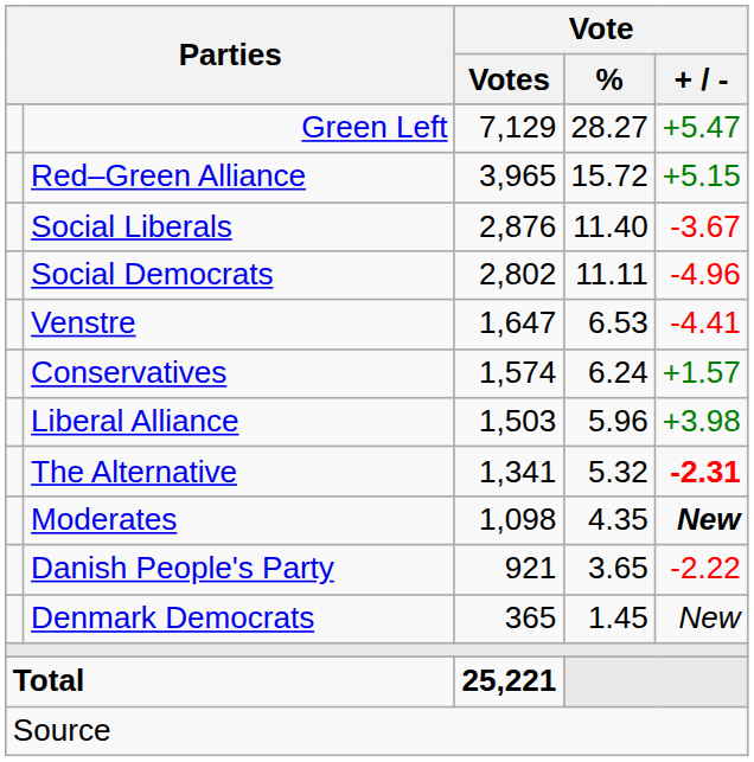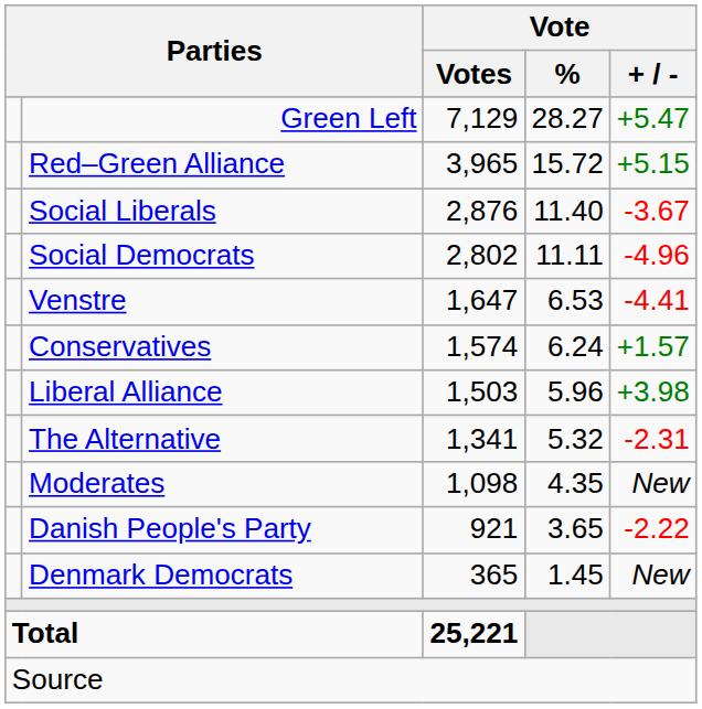 <table class="wikitable" style="text-align:right;">
 <tr>
 <th style="text-align:centre;" rowspan="2" colspan="2" width="225">Parties</th>
 <th colspan="3">Vote</th>
 </tr>
 <tr>
 <th width="15">Votes</th>
 <th width="15">%</th>
 <th width="15">+ / -</th>
 </tr>
 <tr>
 <td width=2 bgcolor=></td>
 <td><a href='#'>Green Left</a></td>
 <td>7,129</td>
 <td>28.27</td>
 <td style=color:green;>+5.47</td>
 </tr>
 <tr>
 <td width=2 bgcolor=></td>
 <td align=left><a href='#'>Red–Green Alliance</a></td>
 <td>3,965</td>
 <td>15.72</td>
 <td style=color:green;>+5.15</td>
 </tr>
 <tr>
 <td width=2 bgcolor=></td>
 <td align=left><a href='#'>Social Liberals</a></td>
 <td>2,876</td>
 <td>11.40</td>
 <td style=color:red;>-3.67</td>
 </tr>
 <tr>
 <td width=2 bgcolor=></td>
 <td align=left><a href='#'>Social Democrats</a></td>
 <td>2,802</td>
 <td>11.11</td>
 <td style=color:red;>-4.96</td>
 </tr>
 <tr>
 <td width=2 bgcolor=></td>
 <td align=left><a href='#'>Venstre</a></td>
 <td>1,647</td>
 <td>6.53</td>
 <td style=color:red;>-4.41</td>
 </tr>
 <tr>
 <td width=2 bgcolor=></td>
 <td align=left><a href='#'>Conservatives</a></td>
 <td>1,574</td>
 <td>6.24</td>
 <td style=color:green;>+1.57</td>
 </tr>
 <tr>
 <td width=2 bgcolor=></td>
 <td align=left><a href='#'>Liberal Alliance</a></td>
 <td>1,503</td>
 <td>5.96</td>
 <td style=color:green;>+3.98</td>
 </tr>
 <tr>
 <td width=2 bgcolor=></td>
 <td align=left><a href='#'>The Alternative</a></td>
 <td>1,341</td>
 <td>5.32</td>
-<td style=color:red;><strong>-2.31</strong></td>
+<td style=color:red;>-2.31</td>
 </tr>
 <tr>
 <td width=2 bgcolor=></td>
 <td align=left><a href='#'>Moderates</a></td>
 <td>1,098</td>
 <td>4.35</td>
-<td><strong><em>New</em></strong></td>
+<td><em>New</em></td>
 </tr>
 <tr>
 <td width=2 bgcolor=></td>
 <td align=left><a href='#'>Danish People's Party</a></td>
 <td>921</td>
 <td>3.65</td>
 <td style=color:red;>-2.22</td>
 </tr>
 <tr>
 <td width=2 bgcolor=></td>
 <td align=left><a href='#'>Denmark Democrats</a></td>
 <td>365</td>
 <td>1.45</td>
 <td><em>New</em></td>
 </tr>
 <tr>
 <td colspan="7" bgcolor="#E9E9E9"></td>
 </tr>
 <tr>
 <td align="left" colspan="2"><strong>Total</strong></td>
 <td><strong>25,221</strong></td>
 <td bgcolor=#E9E9E9 colspan=2></td>
 </tr>
 <tr>
 <td align="left" colspan="6">Source</td>
 </tr>
 </table>
